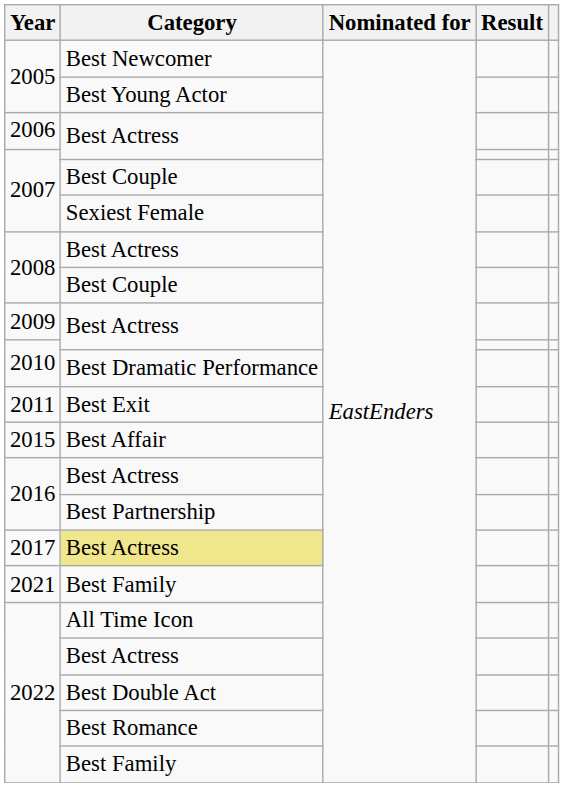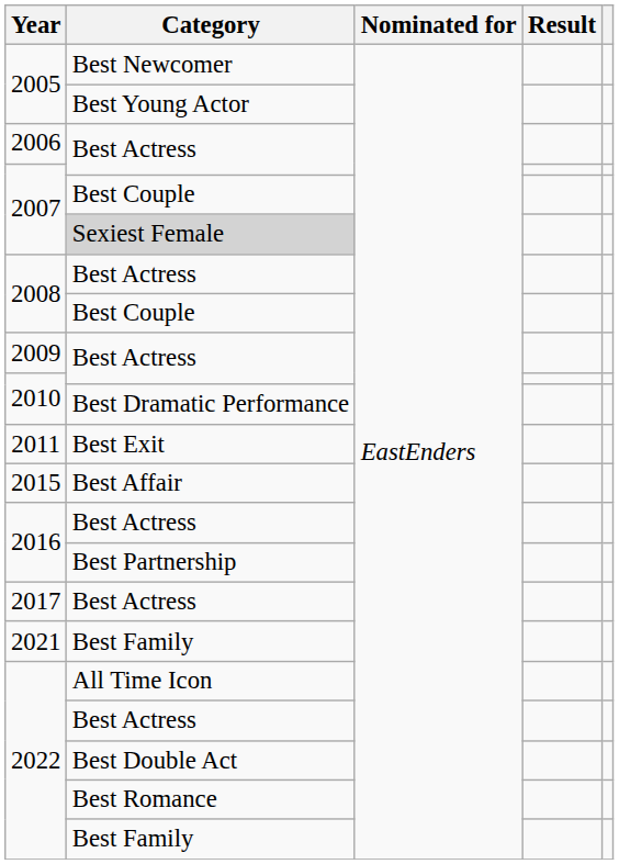 <table class="wikitable plainrowheaders">
 <tr>
 <th scope="col">Year</th>
 <th scope="col">Category</th>
 <th scope="col">Nominated for</th>
 <th scope="col">Result</th>
 <th scope="col"></th>
 </tr>
 <tr>
 <td align="center" rowspan="2">2005</td>
 <td>Best Newcomer</td>
 <td rowspan="22"><em>EastEnders</em></td>
 <td></td>
 <td align="center"></td>
 </tr>
 <tr>
 <td>Best Young Actor</td>
 <td></td>
 <td align="center"></td>
 </tr>
 <tr>
 <td align="center">2006</td>
 <td rowspan="2">Best Actress</td>
 <td></td>
 <td align="center"></td>
 </tr>
 <tr>
 <td align="center" rowspan="3">2007</td>
 <td></td>
 <td align="center"></td>
 </tr>
 <tr>
 <td>Best Couple </td>
 <td></td>
 <td align="center"></td>
 </tr>
 <tr>
-<td>Sexiest Female</td>
+<td style="background: lightgrey;">Sexiest Female</td>
 <td></td>
 <td align="center"></td>
 </tr>
 <tr>
 <td align="center" rowspan="2">2008</td>
 <td>Best Actress</td>
 <td></td>
 <td align="center"></td>
 </tr>
 <tr>
 <td>Best Couple </td>
 <td></td>
 <td align="center"></td>
 </tr>
 <tr>
 <td align="center">2009</td>
 <td rowspan="2">Best Actress</td>
 <td></td>
 <td align="center"></td>
 </tr>
 <tr>
 <td align="center" rowspan="2">2010</td>
 <td></td>
 <td align="center"></td>
 </tr>
 <tr>
 <td>Best Dramatic Performance</td>
 <td></td>
 <td align="center"></td>
 </tr>
 <tr>
 <td align="center">2011</td>
 <td>Best Exit</td>
 <td></td>
 <td align="center"></td>
 </tr>
 <tr>
 <td align="center">2015</td>
 <td>Best Affair </td>
 <td></td>
 <td align="center"></td>
 </tr>
 <tr>
 <td align="center" rowspan="2">2016</td>
 <td>Best Actress</td>
 <td></td>
 <td align="center"></td>
 </tr>
 <tr>
 <td>Best Partnership </td>
 <td></td>
 <td align="center"></td>
 </tr>
 <tr>
 <td align="centre">2017</td>
-<td style="background: khaki;">Best Actress</td>
+<td>Best Actress</td>
 <td></td>
 <td align="center"></td>
 </tr>
 <tr>
 <td align="center">2021</td>
 <td>Best Family</td>
 <td></td>
 <td align="center"></td>
 </tr>
 <tr>
 <td align="center" rowspan = "5">2022</td>
 <td>All Time Icon</td>
 <td></td>
 <td align="center"></td>
 </tr>
 <tr>
 <td>Best Actress</td>
 <td></td>
 <td align="center"></td>
 </tr>
 <tr>
 <td>Best Double Act  </td>
 <td></td>
 <td align="center"></td>
 </tr>
 <tr>
 <td>Best Romance </td>
 <td></td>
 <td align="center"></td>
 </tr>
 <tr>
 <td>Best Family</td>
 <td></td>
 <td align="center"></td>
 </tr>
 </table>
